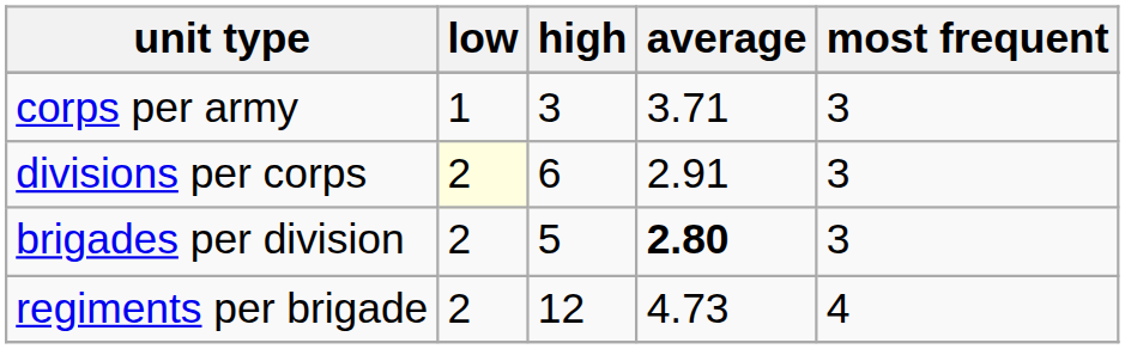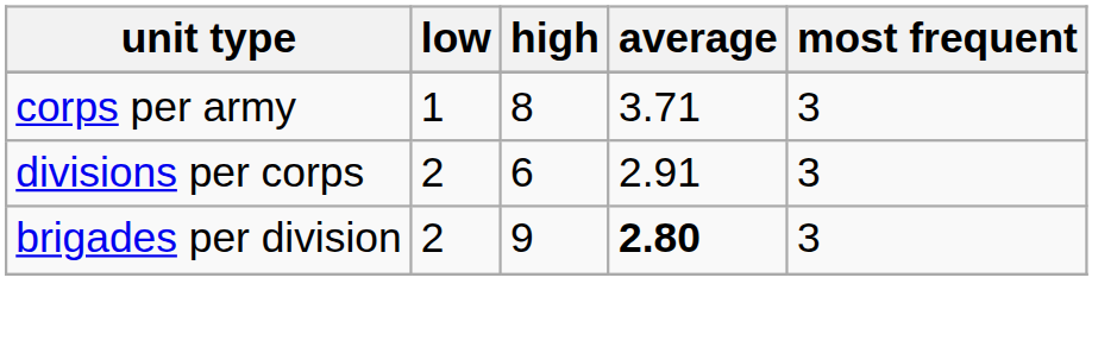 <table class="wikitable" style="display: inline-table;">
 <tr>
 <th><strong>unit type</strong></th>
 <th><strong>low</strong></th>
 <th><strong>high</strong></th>
 <th><strong>average</strong></th>
 <th><strong>most frequent</strong></th>
 </tr>
 <tr>
 </tr>
 <tr>
 <td><a href='#'>corps</a> per army</td>
 <td>1</td>
-<td>3</td>
+<td>8</td>
 <td>3.71</td>
 <td>3</td>
 </tr>
 <tr>
 <td><a href='#'>divisions</a> per corps</td>
-<td style="background: lightyellow;">2</td>
+<td>2</td>
 <td>6</td>
 <td>2.91</td>
 <td>3</td>
 </tr>
 <tr>
 <td><a href='#'>brigades</a> per division</td>
 <td>2</td>
-<td>5</td>
+<td>9</td>
 <td><strong>2.80</strong></td>
 <td>3</td>
 </tr>
 <tr>
-<td><a href='#'>regiments</a> per brigade</td>
-<td>2</td>
-<td>12</td>
-<td>4.73</td>
-<td>4</td>
-</tr>
-<tr>
 </tr>
 </table>
